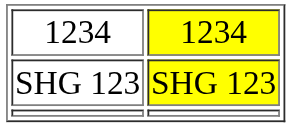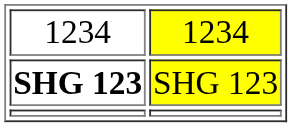 <table border="1" style="margin:1em auto;">
 <tr size="40"  style="font-size:14pt; text-align:center; color:black;">
 <td style="background:white; ">1234</td>
 <td style="background:yellow; ">1234</td>
 </tr>
 <tr style="font-size:14pt; text-align:center; color:black;">
-<td style="background:white; ">SHG 123</td>
+<td style="background:white; "><strong>SHG 123</strong></td>
 <td style="background:yellow; ">SHG 123</td>
 </tr>
 <tr>
 <td style="text-align:center; background:white; font-size:14pt; color:black;"></td>
 <td style="text-align:center; background:white; font-size:14pt; color:black;"></td>
 </tr>
 </table>
